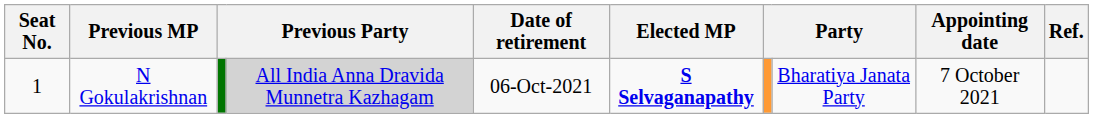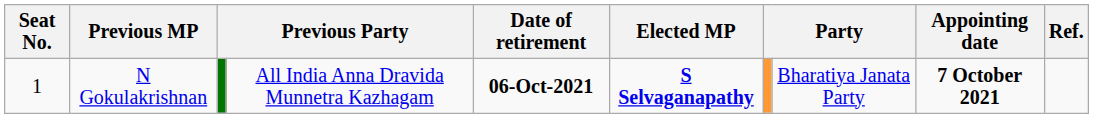 <table class="wikitable sortable" style="text-align:center;">
 <tr>
 <th>Seat No.</th>
 <th>Previous MP</th>
 <th colspan="2">Previous Party</th>
 <th>Date of retirement</th>
 <th>Elected MP</th>
 <th colspan="2">Party</th>
 <th>Appointing date</th>
 <th>Ref.</th>
 </tr>
 <tr style="text-align:center;">
 <td>1</td>
 <td><a href='#'>N Gokulakrishnan</a></td>
 <td bgcolor=#007500></td>
-<td style="background: lightgrey;"><a href='#'>All India Anna Dravida Munnetra Kazhagam</a></td>
-<td>06-Oct-2021</td>
+<td><a href='#'>All India Anna Dravida Munnetra Kazhagam</a></td>
+<td><strong>06-Oct-2021</strong></td>
 <td><strong><a href='#'>S Selvaganapathy</a></strong></td>
 <td bgcolor=#FF9933></td>
 <td><a href='#'>Bharatiya Janata Party</a></td>
-<td>7 October 2021</td>
+<td><strong>7 October 2021</strong></td>
 <td></td>
 </tr>
 </table>
